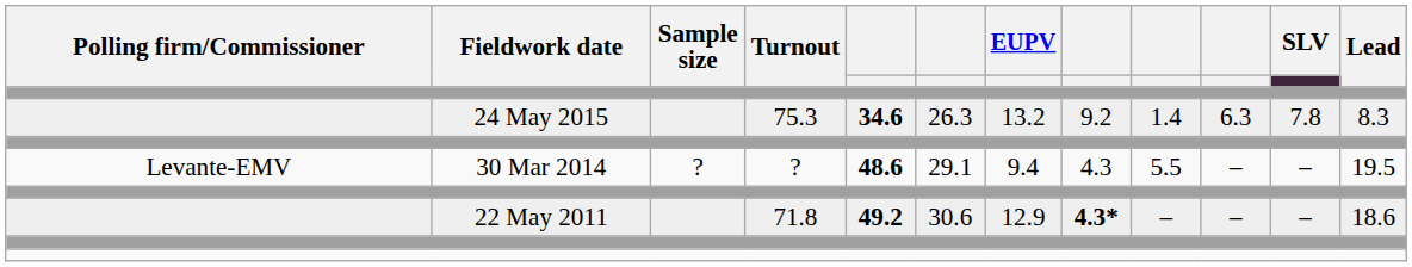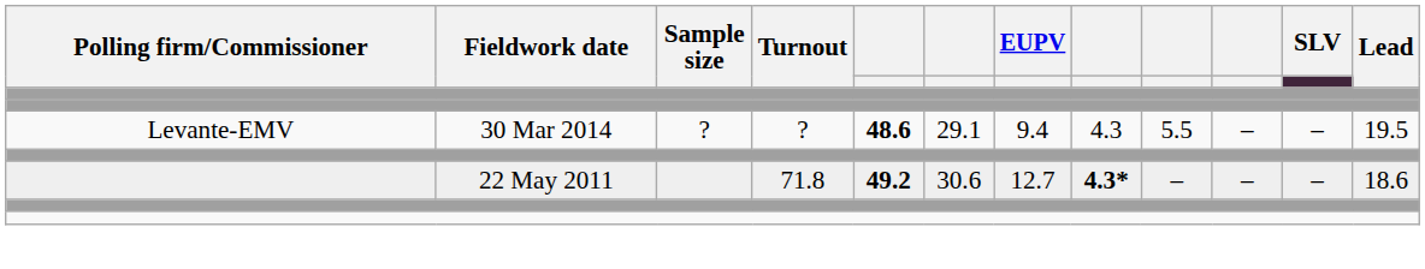 <table class="wikitable collapsible collapsed" style="text-align:center; font-size:95%; line-height:16px;">
 <tr style="height:42px;">
 <th style="width:250px;" rowspan="2">Polling firm/Commissioner</th>
 <th style="width:125px;" rowspan="2">Fieldwork date</th>
 <th style="width:50px;" rowspan="2">Sample size</th>
 <th style="width:45px;" rowspan="2">Turnout</th>
 <th style="width:35px;"></th>
 <th style="width:35px;"></th>
 <th style="width:35px; font-size:95%;"><a href='#'>EUPV</a></th>
 <th style="width:35px;"></th>
 <th style="width:35px;"></th>
 <th style="width:35px;"></th>
 <th style="width:35px;">SLV</th>
 <th style="width:30px;" rowspan="2">Lead</th>
 </tr>
 <tr>
 <th style="color:inherit;background:"></th>
 <th style="color:inherit;background:"></th>
 <th style="color:inherit;background:"></th>
 <th style="color:inherit;background:"></th>
 <th style="color:inherit;background:"></th>
 <th style="color:inherit;background:"></th>
 <th style="color:inherit;background:#40243B;"></th>
 </tr>
 <tr>
 <td colspan="12" style="background:#A0A0A0"></td>
-</tr>
-<tr style="background:#EFEFEF;">
-<td><strong></strong></td>
-<td>24 May 2015</td>
-<td></td>
-<td>75.3</td>
-<td><strong>34.6</strong><br></td>
-<td>26.3<br></td>
-<td>13.2<br></td>
-<td>9.2<br></td>
-<td>1.4<br></td>
-<td>6.3<br></td>
-<td>7.8<br></td>
-<td style="background:">8.3</td>
 </tr>
 <tr>
 <td colspan="12" style="background:#A0A0A0"></td>
 </tr>
 <tr>
 <td>Levante-EMV</td>
 <td>30 Mar 2014</td>
 <td>?</td>
 <td>?</td>
 <td><strong>48.6</strong><br></td>
 <td>29.1<br></td>
 <td>9.4<br></td>
 <td>4.3<br></td>
 <td>5.5<br></td>
 <td>–</td>
 <td>–</td>
 <td style="background:">19.5</td>
 </tr>
 <tr>
 <td colspan="12" style="background:#A0A0A0"></td>
 </tr>
 <tr style="background:#EFEFEF;">
 <td><strong></strong></td>
 <td>22 May 2011</td>
 <td></td>
 <td>71.8</td>
 <td><strong>49.2</strong><br></td>
 <td>30.6<br></td>
-<td>12.9<br></td>
+<td>12.7<br></td>
 <td><strong>4.3*<br></strong></td>
 <td>–</td>
 <td>–</td>
 <td>–</td>
 <td style="background:">18.6</td>
 </tr>
 <tr>
 <td colspan="12" style="background:#A0A0A0"></td>
 </tr>
 <tr>
 <td align="left" colspan="12"></td>
 </tr>
 </table>
